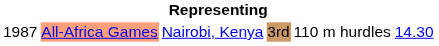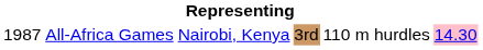 <table>
 <tr>
 <th colspan="6">Representing </th>
 </tr>
 <tr>
 <td>1987</td>
-<td style="background: lightsalmon;"><a href='#'>All-Africa Games</a></td>
+<td><a href='#'>All-Africa Games</a></td>
 <td><a href='#'>Nairobi, Kenya</a></td>
 <td bgcolor=cc9966>3rd</td>
 <td>110 m hurdles</td>
-<td><a href='#'>14.30</a></td>
+<td style="background: pink;"><a href='#'>14.30</a></td>
 </tr>
 </table>
